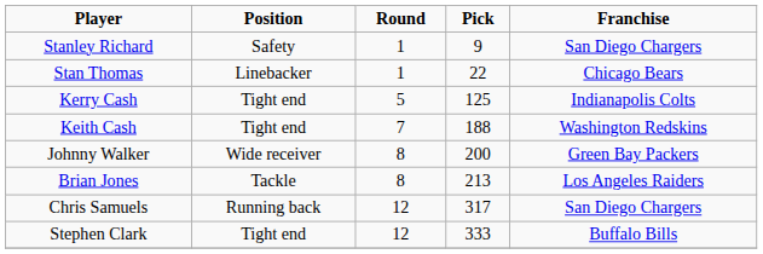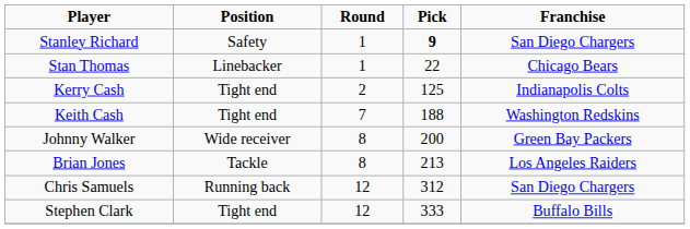 <table class="wikitable" width="80%">
 <tr align="center">
 <td><strong>Player</strong></td>
 <td><strong>Position</strong></td>
 <td><strong>Round</strong></td>
 <td><strong>Pick</strong></td>
 <td><strong>Franchise</strong></td>
 </tr>
 <tr align="center" bgcolor="">
 <td><a href='#'>Stanley Richard</a></td>
 <td>Safety</td>
 <td>1</td>
-<td>9</td>
+<td><strong>9</strong></td>
 <td><a href='#'>San Diego Chargers</a></td>
 </tr>
 <tr align="center" bgcolor="">
 <td><a href='#'>Stan Thomas</a></td>
 <td>Linebacker</td>
 <td>1</td>
 <td>22</td>
 <td><a href='#'>Chicago Bears</a></td>
 </tr>
 <tr align="center" bgcolor="">
 <td><a href='#'>Kerry Cash</a></td>
 <td>Tight end</td>
-<td>5</td>
+<td>2</td>
 <td>125</td>
 <td><a href='#'>Indianapolis Colts</a></td>
 </tr>
 <tr align="center" bgcolor="">
 <td><a href='#'>Keith Cash</a></td>
 <td>Tight end</td>
 <td>7</td>
 <td>188</td>
 <td><a href='#'>Washington Redskins</a></td>
 </tr>
 <tr align="center" bgcolor="">
 <td>Johnny Walker</td>
 <td>Wide receiver</td>
 <td>8</td>
 <td>200</td>
 <td><a href='#'>Green Bay Packers</a></td>
 </tr>
 <tr align="center" bgcolor="">
 <td><a href='#'>Brian Jones</a></td>
 <td>Tackle</td>
 <td>8</td>
 <td>213</td>
 <td><a href='#'>Los Angeles Raiders</a></td>
 </tr>
 <tr align="center" bgcolor="">
 <td>Chris Samuels</td>
 <td>Running back</td>
 <td>12</td>
-<td>317</td>
+<td>312</td>
 <td><a href='#'>San Diego Chargers</a></td>
 </tr>
 <tr align="center" bgcolor="">
 <td>Stephen Clark</td>
 <td>Tight end</td>
 <td>12</td>
 <td>333</td>
 <td><a href='#'>Buffalo Bills</a></td>
 </tr>
 <tr align="center" bgcolor="">
 </tr>
 </table>
